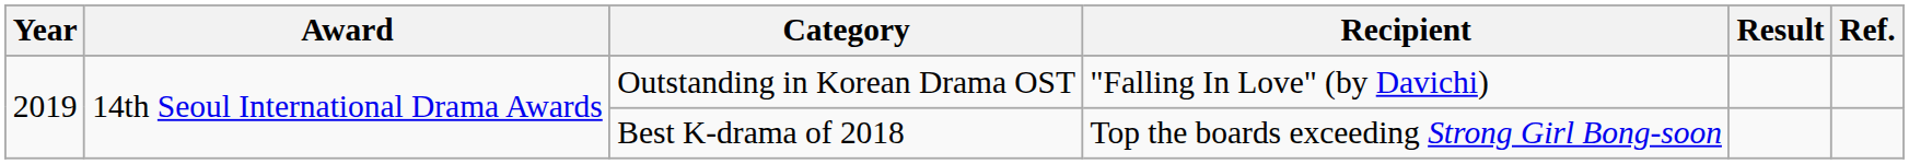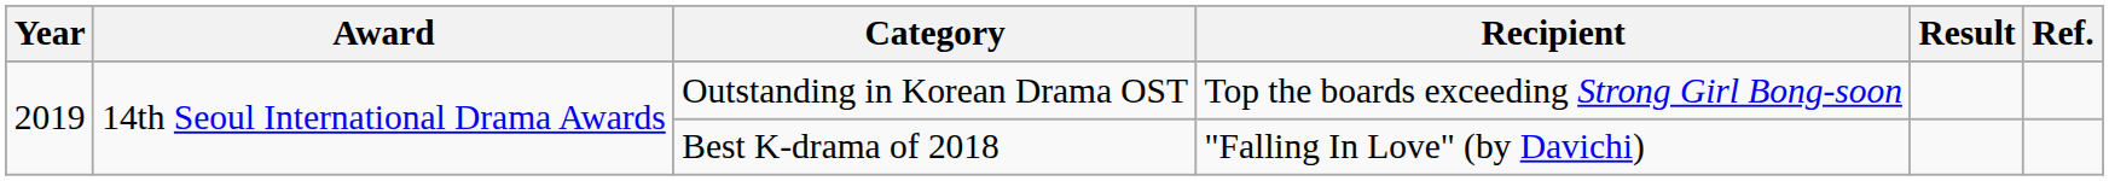 <table class="wikitable">
 <tr>
 <th>Year</th>
 <th>Award</th>
 <th>Category</th>
 <th>Recipient</th>
 <th>Result</th>
 <th>Ref.</th>
 </tr>
 <tr>
 <td rowspan="2">2019</td>
 <td rowspan="2">14th <a href='#'>Seoul International Drama Awards</a></td>
 <td>Outstanding in Korean Drama OST</td>
-<td>"Falling In Love" (by <a href='#'>Davichi</a>)</td>
+<td>Top the boards exceeding <em><a href='#'>Strong Girl Bong-soon</a></em></td>
 <td></td>
 <td></td>
 </tr>
 <tr>
 <td>Best K-drama of 2018</td>
-<td>Top the boards exceeding <em><a href='#'>Strong Girl Bong-soon</a></em></td>
+<td>"Falling In Love" (by <a href='#'>Davichi</a>)</td>
 <td></td>
 <td></td>
 </tr>
 </table>
